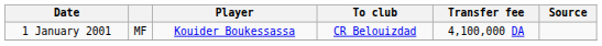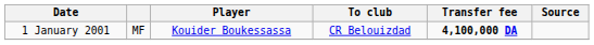 <table class="wikitable sortable" style="width:70%; text-align:center; font-size:85%; text-align:centre;">
 <tr>
 <th>Date</th>
 <th></th>
 <th>Player</th>
 <th>To club</th>
 <th>Transfer fee</th>
 <th>Source</th>
 </tr>
 <tr>
 <td>1 January 2001</td>
 <td>MF</td>
 <td> <a href='#'>Kouider Boukessassa</a></td>
 <td><a href='#'>CR Belouizdad</a></td>
-<td>4,100,000 <a href='#'>DA</a></td>
+<td><strong>4,100,000 <a href='#'>DA</a></strong></td>
 <td></td>
 </tr>
 <tr>
 </tr>
 </table>
